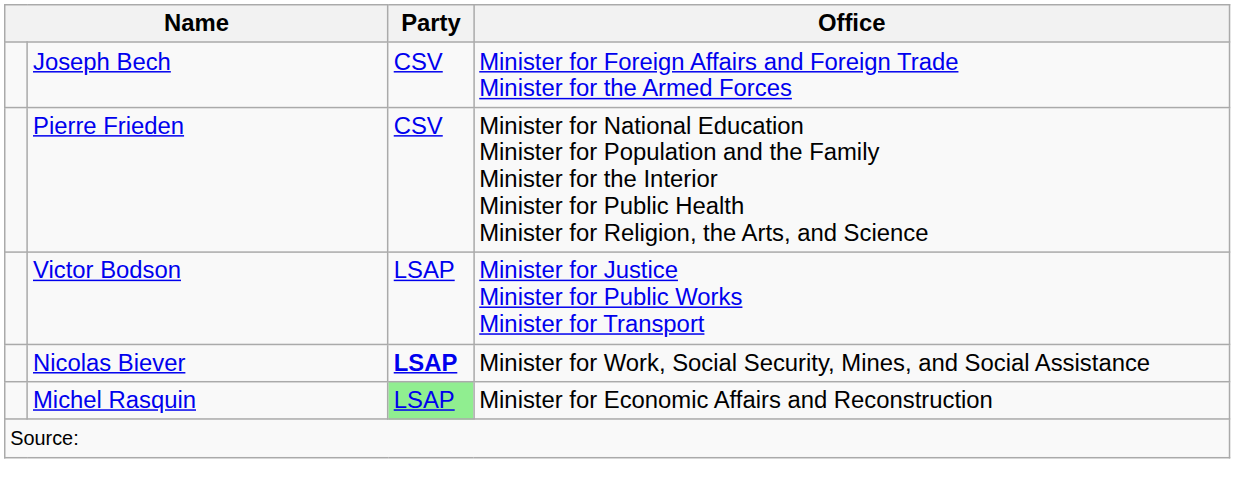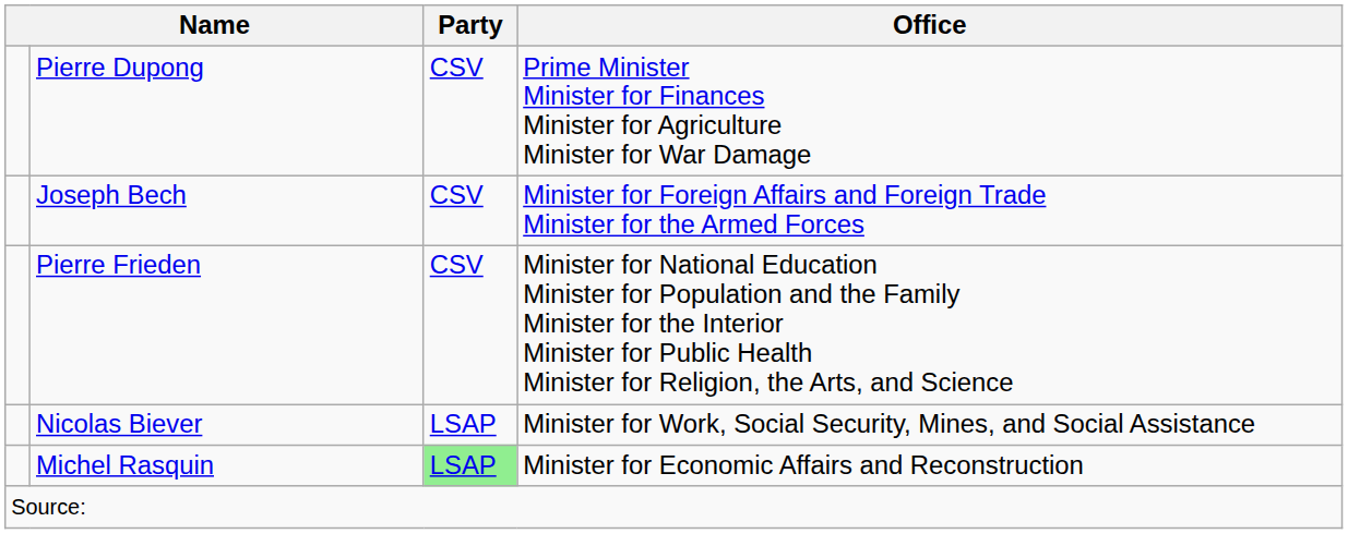 <table class="wikitable">
 <tr>
 <th colspan=2 width=250px>Name</th>
 <th width=50px>Party</th>
 <th width=500px>Office</th>
+</tr>
+<tr>
+<td style="background-color: "></td>
+<td valign=top><a href='#'>Pierre Dupong</a></td>
+<td valign=top><a href='#'>CSV</a></td>
+<td><a href='#'>Prime Minister</a> <br> <a href='#'>Minister for Finances</a> <br> Minister for Agriculture <br> Minister for War Damage</td>
 </tr>
 <tr>
 <td style="background-color: "></td>
 <td valign=top><a href='#'>Joseph Bech</a></td>
 <td valign=top><a href='#'>CSV</a></td>
 <td><a href='#'>Minister for Foreign Affairs and Foreign Trade</a> <br> <a href='#'>Minister for the Armed Forces</a></td>
 </tr>
 <tr>
 <td style="background-color: "></td>
 <td valign=top><a href='#'>Pierre Frieden</a></td>
 <td valign=top><a href='#'>CSV</a></td>
 <td>Minister for National Education <br> Minister for Population and the Family <br> Minister for the Interior <br> Minister for Public Health <br> Minister for Religion, the Arts, and Science</td>
 </tr>
 <tr>
 <td style="background-color: "></td>
-<td valign=top><a href='#'>Victor Bodson</a></td>
+<td valign=top><a href='#'>Nicolas Biever</a></td>
 <td valign=top><a href='#'>LSAP</a></td>
-<td><a href='#'>Minister for Justice</a> <br> <a href='#'>Minister for Public Works</a> <br> <a href='#'>Minister for Transport</a></td>
-</tr>
-<tr>
-<td style="background-color: "></td>
-<td valign=top><a href='#'>Nicolas Biever</a></td>
-<td valign=top><strong><a href='#'>LSAP</a></strong></td>
 <td>Minister for Work, Social Security, Mines, and Social Assistance</td>
 </tr>
 <tr>
 <td style="background-color: "></td>
 <td valign=top><a href='#'>Michel Rasquin</a></td>
 <td valign=top style="background: lightgreen;"><a href='#'>LSAP</a></td>
 <td>Minister for Economic Affairs and Reconstruction</td>
 </tr>
 <tr>
 <td colspan=4><small>Source: </small></td>
 </tr>
 </table>
